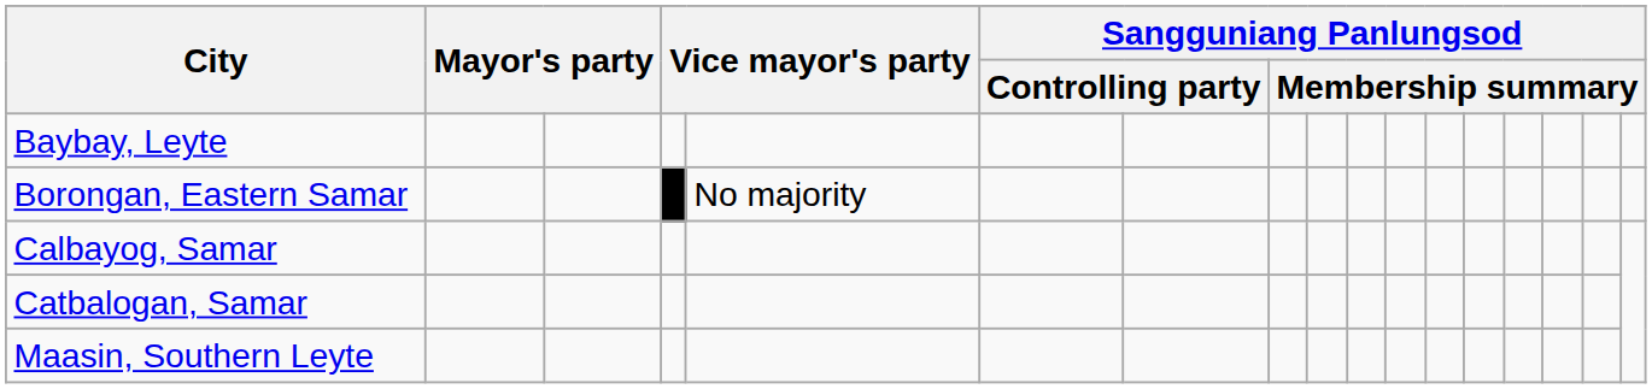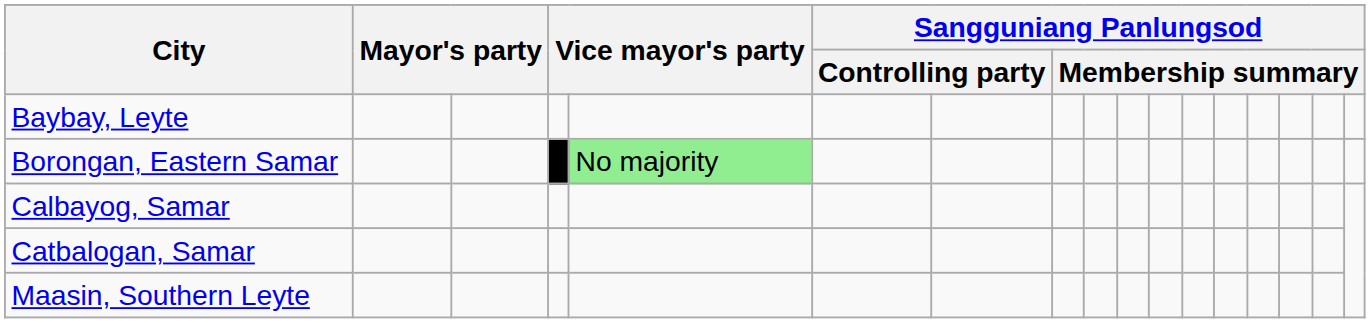 <table class="wikitable" style="font-size:95%;">
 <tr>
 <th width="180px" rowspan="2">City</th>
 <th colspan="2" rowspan="2">Mayor's party</th>
 <th colspan="2" rowspan="2">Vice mayor's party</th>
 <th colspan="14"><a href='#'>Sangguniang Panlungsod</a></th>
 </tr>
 <tr>
 <th colspan="2">Controlling party</th>
 <th colspan="12">Membership summary</th>
 </tr>
 <tr>
 <td><a href='#'>Baybay, Leyte</a></td>
 <td></td>
 <td></td>
 <td></td>
 <td> </td>
 <td> </td>
 <td> </td>
 <td> </td>
 <td> </td>
 <td> </td>
 <td> </td>
 <td> </td>
 <td> </td>
 <td> </td>
 <td> </td>
 <td> </td>
 </tr>
 <tr>
 <td><a href='#'>Borongan, Eastern Samar</a></td>
 <td></td>
 <td></td>
 <td bgcolor="black"></td>
-<td>No majority</td>
+<td style="background: lightgreen;">No majority</td>
 <td style="color:inherit;background:"></td>
 <td style="color:inherit;background:"></td>
 <td style="color:inherit;background:"></td>
 <td style="color:inherit;background:"></td>
 <td style="color:inherit;background:"></td>
 <td style="color:inherit;background:"></td>
 <td style="color:inherit;background:"></td>
 <td style="color:inherit;background:"></td>
 <td style="color:inherit;background:"></td>
 <td style="color:inherit;background:"></td>
 <td style="color:inherit;background:"></td>
 <td style="color:inherit;background:"></td>
 </tr>
 <tr>
 <td><a href='#'>Calbayog, Samar</a></td>
 <td></td>
 <td></td>
 <td></td>
 <td style="color:inherit;background:"></td>
 <td style="color:inherit;background:"></td>
 <td style="color:inherit;background:"></td>
 <td style="color:inherit;background:"></td>
 <td style="color:inherit;background:"></td>
 <td style="color:inherit;background:"></td>
 <td style="color:inherit;background:"></td>
 <td style="color:inherit;background:"></td>
 <td style="color:inherit;background:"></td>
 <td style="color:inherit;background:"></td>
 <td style="color:inherit;background:"></td>
 <td style="color:inherit;background:"></td>
 </tr>
 <tr>
 <td><a href='#'>Catbalogan, Samar</a></td>
 <td></td>
 <td></td>
 <td></td>
 <td style="color:inherit;background:"></td>
 <td style="color:inherit;background:"></td>
 <td style="color:inherit;background:"></td>
 <td style="color:inherit;background:"></td>
 <td style="color:inherit;background:"></td>
 <td style="color:inherit;background:"></td>
 <td style="color:inherit;background:"></td>
 <td style="color:inherit;background:"></td>
 <td style="color:inherit;background:"></td>
 <td style="color:inherit;background:"></td>
 <td style="color:inherit;background:"></td>
 <td style="color:inherit;background:"></td>
 </tr>
 <tr>
 <td><a href='#'>Maasin, Southern Leyte</a></td>
 <td></td>
 <td></td>
 <td></td>
 <td style="color:inherit;background:"></td>
 <td style="color:inherit;background:"></td>
 <td style="color:inherit;background:"></td>
 <td style="color:inherit;background:"></td>
 <td style="color:inherit;background:"></td>
 <td style="color:inherit;background:"></td>
 <td style="color:inherit;background:"></td>
 <td style="color:inherit;background:"></td>
 <td style="color:inherit;background:"></td>
 <td style="color:inherit;background:"></td>
 <td style="color:inherit;background:"></td>
 <td style="color:inherit;background:"></td>
 </tr>
 </table>
